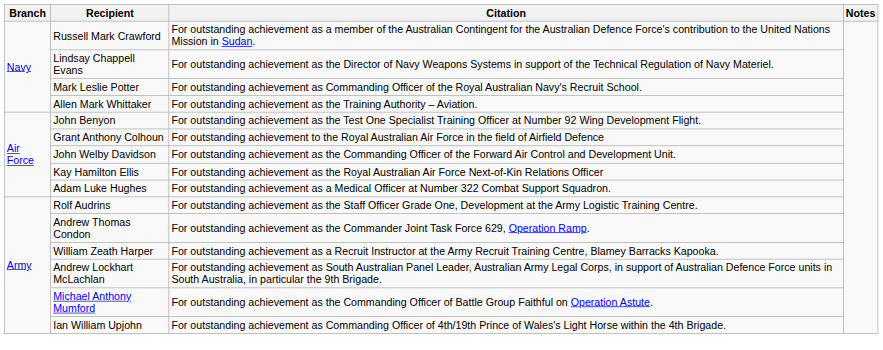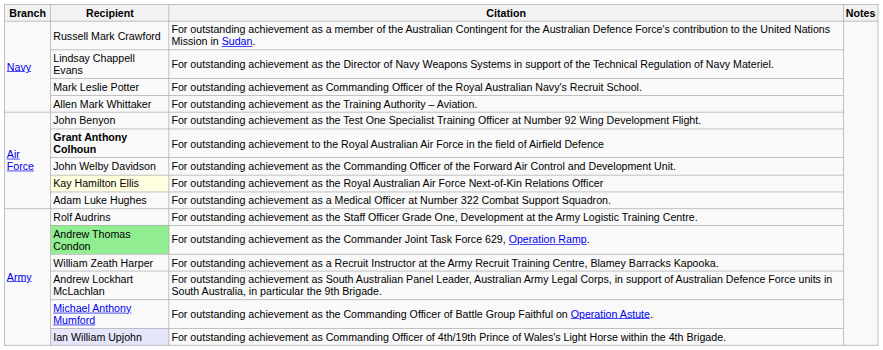 <table class="wikitable" style="font-size:95%;">
 <tr>
 <th>Branch</th>
 <th>Recipient</th>
 <th>Citation</th>
 <th>Notes</th>
 </tr>
 <tr>
 <td rowspan=4><a href='#'>Navy</a></td>
 <td> Russell Mark Crawford</td>
 <td>For outstanding achievement as a member of the Australian Contingent for the Australian Defence Force's contribution to the United Nations Mission in <a href='#'>Sudan</a>.</td>
 <td rowspan=16></td>
 </tr>
 <tr>
 <td> Lindsay Chappell Evans</td>
 <td>For outstanding achievement as the Director of Navy Weapons Systems in support of the Technical Regulation of Navy Materiel.</td>
 </tr>
 <tr>
 <td> Mark Leslie Potter</td>
 <td>For outstanding achievement as Commanding Officer of the Royal Australian Navy's Recruit School.</td>
 </tr>
 <tr>
 <td> Allen Mark Whittaker</td>
 <td>For outstanding achievement as the Training Authority – Aviation.</td>
 </tr>
 <tr>
 <td rowspan=5><a href='#'>Air Force</a></td>
 <td> John Benyon</td>
 <td>For outstanding achievement as the Test One Specialist Training Officer at Number 92 Wing Development Flight.</td>
 </tr>
 <tr>
-<td> Grant Anthony Colhoun</td>
+<td><strong> Grant Anthony Colhoun</strong></td>
 <td>For outstanding achievement to the Royal Australian Air Force in the field of Airfield Defence</td>
 </tr>
 <tr>
 <td> John Welby Davidson</td>
 <td>For outstanding achievement as the Commanding Officer of the Forward Air Control and Development Unit.</td>
 </tr>
 <tr>
-<td> Kay Hamilton Ellis</td>
+<td style="background: lightyellow;"> Kay Hamilton Ellis</td>
 <td>For outstanding achievement as the Royal Australian Air Force Next-of-Kin Relations Officer</td>
 </tr>
 <tr>
 <td> Adam Luke Hughes</td>
 <td>For outstanding achievement as a Medical Officer at Number 322 Combat Support Squadron.</td>
 </tr>
 <tr>
 <td rowspan=10><a href='#'>Army</a></td>
 <td> Rolf Audrins</td>
 <td>For outstanding achievement as the Staff Officer Grade One, Development at the Army Logistic Training Centre.</td>
 </tr>
 <tr>
-<td> Andrew Thomas Condon</td>
+<td style="background: lightgreen;"> Andrew Thomas Condon</td>
 <td>For outstanding achievement as the Commander Joint Task Force 629, <a href='#'>Operation Ramp</a>.</td>
 </tr>
 <tr>
 <td> William Zeath Harper</td>
 <td>For outstanding achievement as a Recruit Instructor at the Army Recruit Training Centre, Blamey Barracks Kapooka.</td>
 </tr>
 <tr>
 <td> Andrew Lockhart McLachlan</td>
 <td>For outstanding achievement as South Australian Panel Leader, Australian Army Legal Corps, in support of Australian Defence Force units in South Australia, in particular the 9th Brigade.</td>
 </tr>
 <tr>
 <td> <a href='#'>Michael Anthony Mumford</a></td>
 <td>For outstanding achievement as the Commanding Officer of Battle Group Faithful on <a href='#'>Operation Astute</a>.</td>
 </tr>
 <tr>
-<td> Ian William Upjohn</td>
+<td style="background: lavender;"> Ian William Upjohn</td>
 <td>For outstanding achievement as Commanding Officer of 4th/19th Prince of Wales's Light Horse within the 4th Brigade.</td>
 </tr>
 </table>
